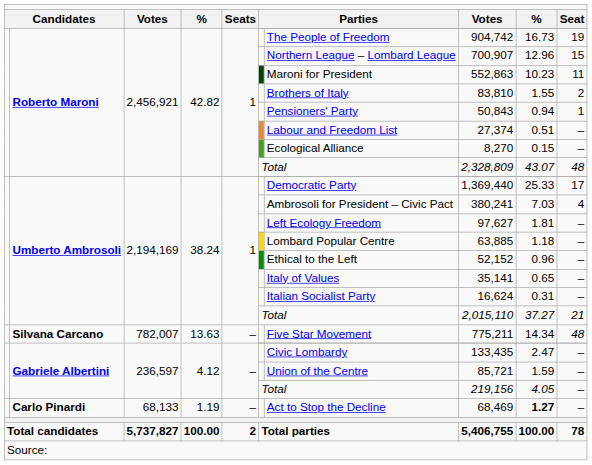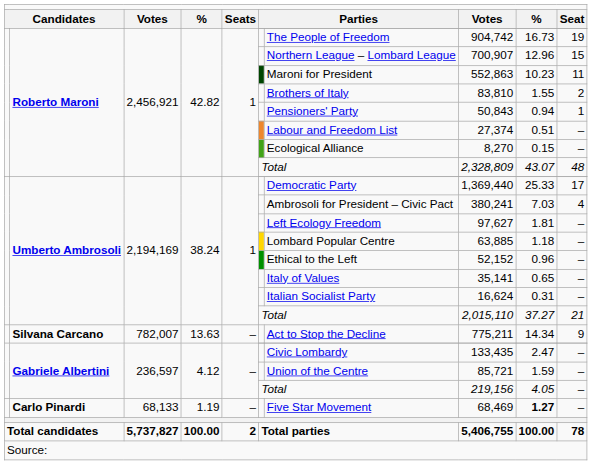 <table class="wikitable">
 <tr>
 <td colspan=10></td>
 </tr>
 <tr>
 <th colspan=2>Candidates</th>
 <th>Votes</th>
 <th>%</th>
 <th>Seats</th>
 <th colspan=2>Parties</th>
 <th>Votes</th>
 <th>%</th>
 <th>Seat</th>
 </tr>
 <tr>
 <td rowspan=9></td>
 <td rowspan=9><strong><a href='#'>Roberto Maroni</a></strong></td>
 <td rowspan=9 align=right>2,456,921</td>
 <td rowspan=9 align=right>42.82</td>
 <td rowspan=9 align=right>1</td>
 </tr>
 <tr>
 <td></td>
 <td><a href='#'>The People of Freedom</a></td>
 <td align=right>904,742</td>
 <td align=right>16.73</td>
 <td align=right>19</td>
 </tr>
 <tr>
 <td></td>
 <td><a href='#'>Northern League</a> – <a href='#'>Lombard League</a></td>
 <td align=right>700,907</td>
 <td align=right>12.96</td>
 <td align=right>15</td>
 </tr>
 <tr>
 <td bgcolor="#004500"></td>
 <td>Maroni for President</td>
 <td align=right>552,863</td>
 <td align=right>10.23</td>
 <td align=right>11</td>
 </tr>
 <tr>
 <td></td>
 <td><a href='#'>Brothers of Italy</a></td>
 <td align=right>83,810</td>
 <td align=right>1.55</td>
 <td align=right>2</td>
 </tr>
 <tr>
 <td></td>
 <td><a href='#'>Pensioners' Party</a></td>
 <td align=right>50,843</td>
 <td align=right>0.94</td>
 <td align=right>1</td>
 </tr>
 <tr>
 <td bgcolor="#ED872D"></td>
 <td><a href='#'>Labour and Freedom List</a></td>
 <td align=right>27,374</td>
 <td align=right>0.51</td>
 <td align=right>–</td>
 </tr>
 <tr>
 <td bgcolor="#41A317"></td>
 <td>Ecological Alliance</td>
 <td align=right>8,270</td>
 <td align=right>0.15</td>
 <td align=right>–</td>
 </tr>
 <tr>
 <td colspan=2><em>Total</em></td>
 <td align=right><em>2,328,809</em></td>
 <td align=right><em>43.07</em></td>
 <td align=right><em>48</em></td>
 </tr>
 <tr>
 <td rowspan=9></td>
 <td rowspan=9 align=left><strong><a href='#'>Umberto Ambrosoli</a></strong></td>
 <td rowspan=9 align=right>2,194,169</td>
 <td rowspan=9 align=right>38.24</td>
 <td rowspan=9 align=right>1</td>
 </tr>
 <tr>
 <td></td>
 <td><a href='#'>Democratic Party</a></td>
 <td align=right>1,369,440</td>
 <td align=right>25.33</td>
 <td align=right>17</td>
 </tr>
 <tr>
 <td></td>
 <td>Ambrosoli for President – Civic Pact</td>
 <td align=right>380,241</td>
 <td align=right>7.03</td>
 <td align=right>4</td>
 </tr>
 <tr>
 <td></td>
 <td><a href='#'>Left Ecology Freedom</a></td>
 <td align=right>97,627</td>
 <td align=right>1.81</td>
 <td align=right>–</td>
 </tr>
 <tr>
 <td bgcolor="gold"></td>
 <td>Lombard Popular Centre</td>
 <td align=right>63,885</td>
 <td align=right>1.18</td>
 <td align=right>–</td>
 </tr>
 <tr>
 <td bgcolor="#009000"></td>
 <td>Ethical to the Left</td>
 <td align=right>52,152</td>
 <td align=right>0.96</td>
 <td align=right>–</td>
 </tr>
 <tr>
 <td></td>
 <td><a href='#'>Italy of Values</a></td>
 <td align=right>35,141</td>
 <td align=right>0.65</td>
 <td align=right>–</td>
 </tr>
 <tr>
 <td></td>
 <td><a href='#'>Italian Socialist Party</a></td>
 <td align=right>16,624</td>
 <td align=right>0.31</td>
 <td align=right>–</td>
 </tr>
 <tr>
 <td colspan=2><em>Total</em></td>
 <td align=right><em>2,015,110</em></td>
 <td align=right><em>37.27</em></td>
 <td align=right><em>21</em></td>
 </tr>
 <tr>
 <td></td>
 <td><strong>Silvana Carcano</strong></td>
 <td align=right>782,007</td>
 <td align=right>13.63</td>
 <td align=right>–</td>
 <td></td>
-<td><a href='#'>Five Star Movement</a></td>
+<td><a href='#'>Act to Stop the Decline</a></td>
 <td align=right>775,211</td>
 <td align=right>14.34</td>
-<td align=right><em>48</em></td>
+<td align=right>9</td>
 </tr>
 <tr>
 <td rowspan=4></td>
 <td rowspan=4><strong><a href='#'>Gabriele Albertini</a></strong></td>
 <td rowspan=4 align=right>236,597</td>
 <td rowspan=4 align=right>4.12</td>
 <td rowspan=4 align=right>–</td>
 </tr>
 <tr>
 <td></td>
 <td><a href='#'>Civic Lombardy</a></td>
 <td align=right>133,435</td>
 <td align=right>2.47</td>
 <td align=right>–</td>
 </tr>
 <tr>
 <td></td>
 <td><a href='#'>Union of the Centre</a></td>
 <td align=right>85,721</td>
 <td align=right>1.59</td>
 <td align=right>–</td>
 </tr>
 <tr>
 <td colspan=2><em>Total</em></td>
 <td align=right><em>219,156</em></td>
 <td align=right><em>4.05</em></td>
 <td align=right><em>–</em></td>
 </tr>
 <tr>
 <td></td>
 <td><strong>Carlo Pinardi</strong></td>
 <td align=right>68,133</td>
 <td align=right>1.19</td>
 <td align=right>–</td>
 <td></td>
-<td><a href='#'>Act to Stop the Decline</a></td>
+<td><a href='#'>Five Star Movement</a></td>
 <td align=right>68,469</td>
 <td align=right><strong>1.27</strong></td>
 <td align=right>–</td>
 </tr>
 <tr>
 <th colspan=10></th>
 </tr>
 <tr>
 <td colspan=2><strong>Total candidates</strong></td>
 <td align=right><strong>5,737,827</strong></td>
 <td align=right><strong>100.00</strong></td>
 <td align=right><strong>2</strong></td>
 <td colspan=2><strong>Total parties</strong></td>
 <td align=right><strong>5,406,755</strong></td>
 <td align=right><strong>100.00</strong></td>
 <td align=right><strong>78</strong></td>
 </tr>
 <tr>
 <td colspan=10>Source: </td>
 </tr>
 </table>
